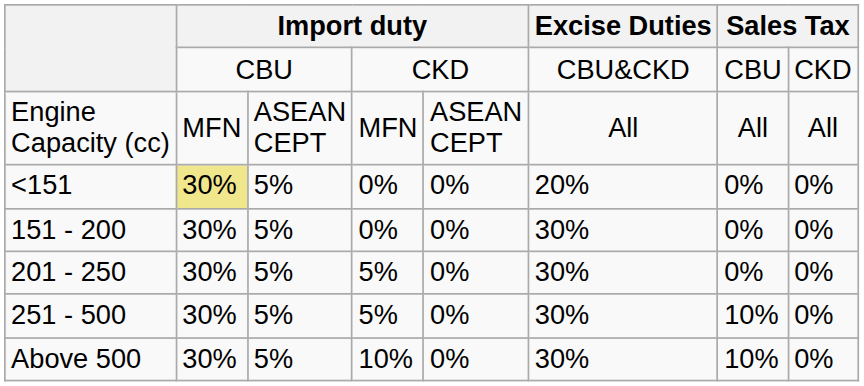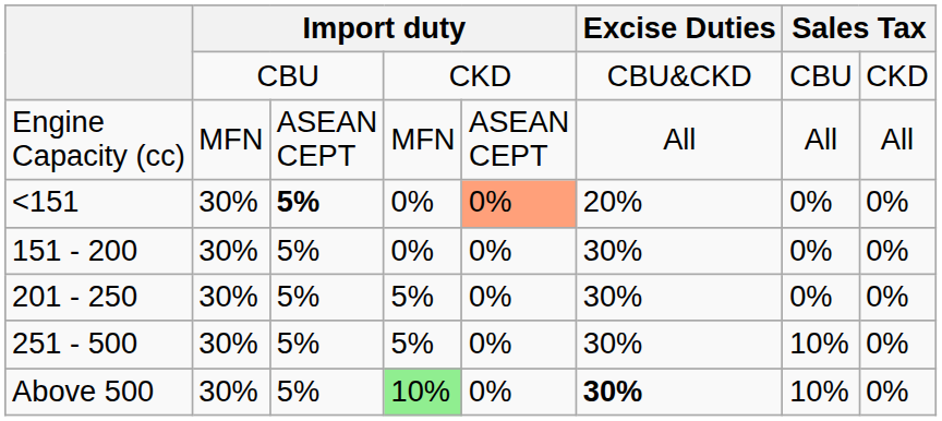 <table class="wikitable">
 <tr>
 <th rowspan="2"></th>
 <th align="center" colspan="4">Import duty</th>
 <th align="center"  colspan="1">Excise Duties</th>
 <th align="center"  colspan="2">Sales Tax</th>
 </tr>
 <tr>
 <td align="center"  colspan="2">CBU</td>
 <td align="center"  colspan="2">CKD</td>
 <td align="center" colspan="1">CBU&CKD</td>
 <td align="center"  colspan="1">CBU</td>
 <td align="center"  colspan="1">CKD</td>
 </tr>
 <tr>
 <td>Engine <br> Capacity (cc)</td>
 <td>MFN</td>
 <td>ASEAN <br> CEPT</td>
 <td>MFN</td>
 <td>ASEAN <br> CEPT</td>
 <td align="center">All</td>
 <td align="center">All</td>
 <td align="center">All</td>
 </tr>
 <tr>
 <td><151</td>
-<td style="background: khaki;">30%</td>
-<td>5%</td>
+<td>30%</td>
+<td><strong>5%</strong></td>
 <td>0%</td>
-<td>0%</td>
+<td style="background: lightsalmon;">0%</td>
 <td>20%</td>
 <td>0%</td>
 <td>0%</td>
 </tr>
 <tr>
 <td>151 - 200</td>
 <td>30%</td>
 <td>5%</td>
 <td>0%</td>
 <td>0%</td>
 <td>30%</td>
 <td>0%</td>
 <td>0%</td>
 </tr>
 <tr>
 <td>201 - 250</td>
 <td>30%</td>
 <td>5%</td>
 <td>5%</td>
 <td>0%</td>
 <td>30%</td>
 <td>0%</td>
 <td>0%</td>
 </tr>
 <tr>
 <td>251 - 500</td>
 <td>30%</td>
 <td>5%</td>
 <td>5%</td>
 <td>0%</td>
 <td>30%</td>
 <td>10%</td>
 <td>0%</td>
 </tr>
 <tr>
 <td>Above 500</td>
 <td>30%</td>
 <td>5%</td>
-<td>10%</td>
+<td style="background: lightgreen;">10%</td>
 <td>0%</td>
-<td>30%</td>
+<td><strong>30%</strong></td>
 <td>10%</td>
 <td>0%</td>
 </tr>
 </table>
